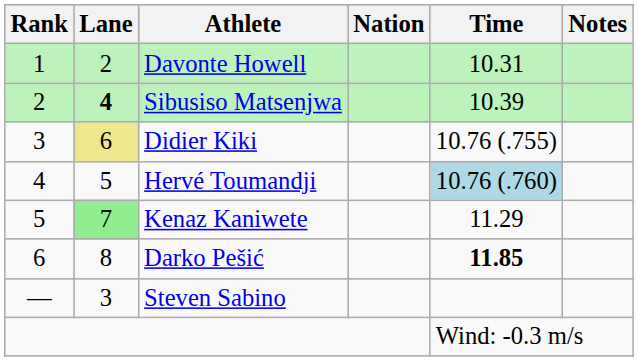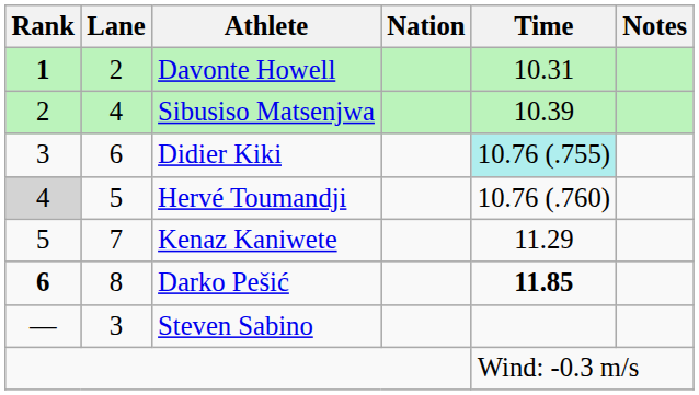 <table class="wikitable sortable" style="text-align:center;">
 <tr>
 <th scope="col">Rank</th>
 <th scope="col">Lane</th>
 <th scope="col">Athlete</th>
 <th scope="col">Nation</th>
 <th scope="col">Time</th>
 <th scope="col">Notes</th>
 </tr>
 <tr bgcolor="#bbf3bb">
-<td>1</td>
+<td><strong>1</strong></td>
 <td>2</td>
 <td align=left><a href='#'>Davonte Howell</a></td>
 <td align=left></td>
 <td>10.31</td>
 <td></td>
 </tr>
 <tr bgcolor="#bbf3bb">
 <td>2</td>
-<td><strong>4</strong></td>
+<td>4</td>
 <td align=left><a href='#'>Sibusiso Matsenjwa</a></td>
 <td align=left></td>
 <td>10.39</td>
 <td></td>
 </tr>
 <tr>
 <td>3</td>
-<td style="background: khaki;">6</td>
+<td>6</td>
 <td align=left><a href='#'>Didier Kiki</a></td>
 <td align=left></td>
-<td>10.76 (.755)</td>
+<td style="background: paleturquoise;">10.76 (.755)</td>
 <td></td>
 </tr>
 <tr>
-<td>4</td>
+<td style="background: lightgrey;">4</td>
 <td>5</td>
 <td align=left><a href='#'>Hervé Toumandji</a></td>
 <td align=left></td>
-<td style="background: lightblue;">10.76 (.760)</td>
+<td>10.76 (.760)</td>
 <td></td>
 </tr>
 <tr>
 <td>5</td>
-<td style="background: lightgreen;">7</td>
+<td>7</td>
 <td align=left><a href='#'>Kenaz Kaniwete</a></td>
 <td align=left></td>
 <td>11.29</td>
 <td></td>
 </tr>
 <tr>
-<td>6</td>
+<td><strong>6</strong></td>
 <td>8</td>
 <td align=left><a href='#'>Darko Pešić</a></td>
 <td align=left></td>
 <td><strong>11.85</strong></td>
 <td></td>
 </tr>
 <tr>
 <td>—</td>
 <td>3</td>
 <td align=left><a href='#'>Steven Sabino</a></td>
 <td align=left></td>
 <td></td>
 <td></td>
 </tr>
 <tr class="sortbottom">
 <td colspan="4"></td>
 <td colspan="2" style="text-align:left;">Wind: -0.3 m/s</td>
 </tr>
 </table>
